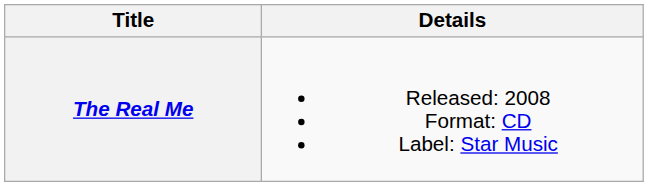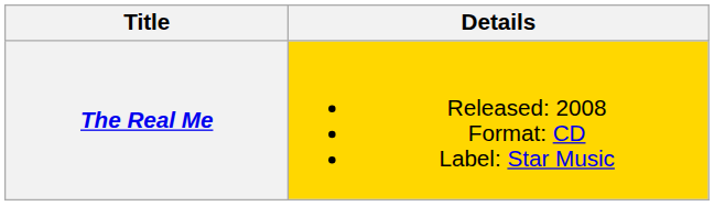 <table class="wikitable plainrowheaders" style="text-align:center;">
 <tr>
 <th scope="col" style="width:12em;">Title</th>
 <th scope="col" style="width:18em;">Details</th>
 </tr>
 <tr>
 <th scope="row"><em><a href='#'>The Real Me</a></em></th>
-<td><br><ul><li>Released: 2008</li><li>Format: <a href='#'>CD</a></li><li>Label: <a href='#'>Star Music</a></li></ul></td>
+<td style="background: gold;"><br><ul><li>Released: 2008</li><li>Format: <a href='#'>CD</a></li><li>Label: <a href='#'>Star Music</a></li></ul></td>
 </tr>
 </table>
